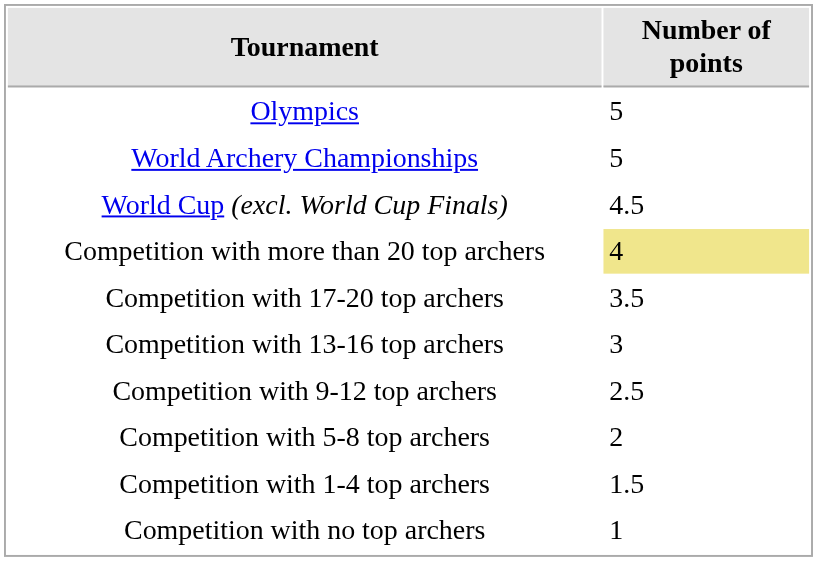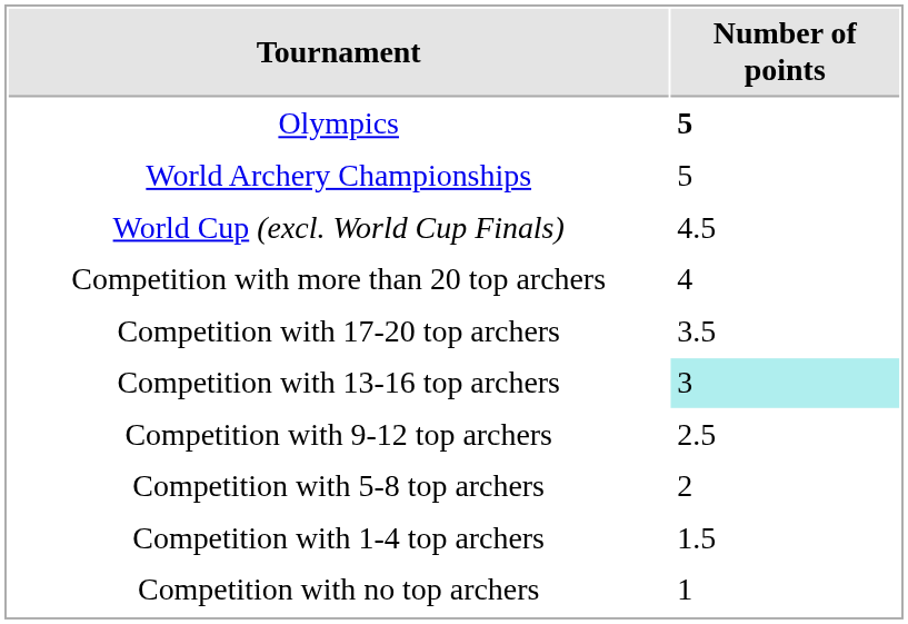 <table cellspacing="1" cellpadding="3" style="border:1px solid #aaa; font-size:90%;">
 <tr style="background:#e4e4e4;">
 <th style="border-bottom:1px solid #aaa; width:300px;">Tournament</th>
 <th style="border-bottom:1px solid #aaa; width:100px;">Number of points</th>
 </tr>
 <tr>
 <td style="text-align:center;"><a href='#'>Olympics</a></td>
-<td>5</td>
+<td><strong>5</strong></td>
 </tr>
 <tr>
 <td style="text-align:center;"><a href='#'>World Archery Championships</a></td>
 <td>5</td>
 </tr>
 <tr>
 <td style="text-align:center;"><a href='#'>World Cup</a> <em>(excl. World Cup Finals)</em></td>
 <td>4.5</td>
 </tr>
 <tr>
 <td style="text-align:center;">Competition with more than 20 top archers</td>
-<td style="background: khaki;">4</td>
+<td>4</td>
 </tr>
 <tr>
 <td style="text-align:center;">Competition with 17-20 top archers</td>
 <td>3.5</td>
 </tr>
 <tr>
 <td style="text-align:center;">Competition with 13-16 top archers</td>
-<td>3</td>
+<td style="background: paleturquoise;">3</td>
 </tr>
 <tr>
 <td style="text-align:center;">Competition with 9-12 top archers</td>
 <td>2.5</td>
 </tr>
 <tr>
 <td style="text-align:center;">Competition with 5-8 top archers</td>
 <td>2</td>
 </tr>
 <tr>
 <td style="text-align:center;">Competition with 1-4 top archers</td>
 <td>1.5</td>
 </tr>
 <tr>
 <td style="text-align:center;">Competition with no top archers</td>
 <td>1</td>
 </tr>
 </table>
